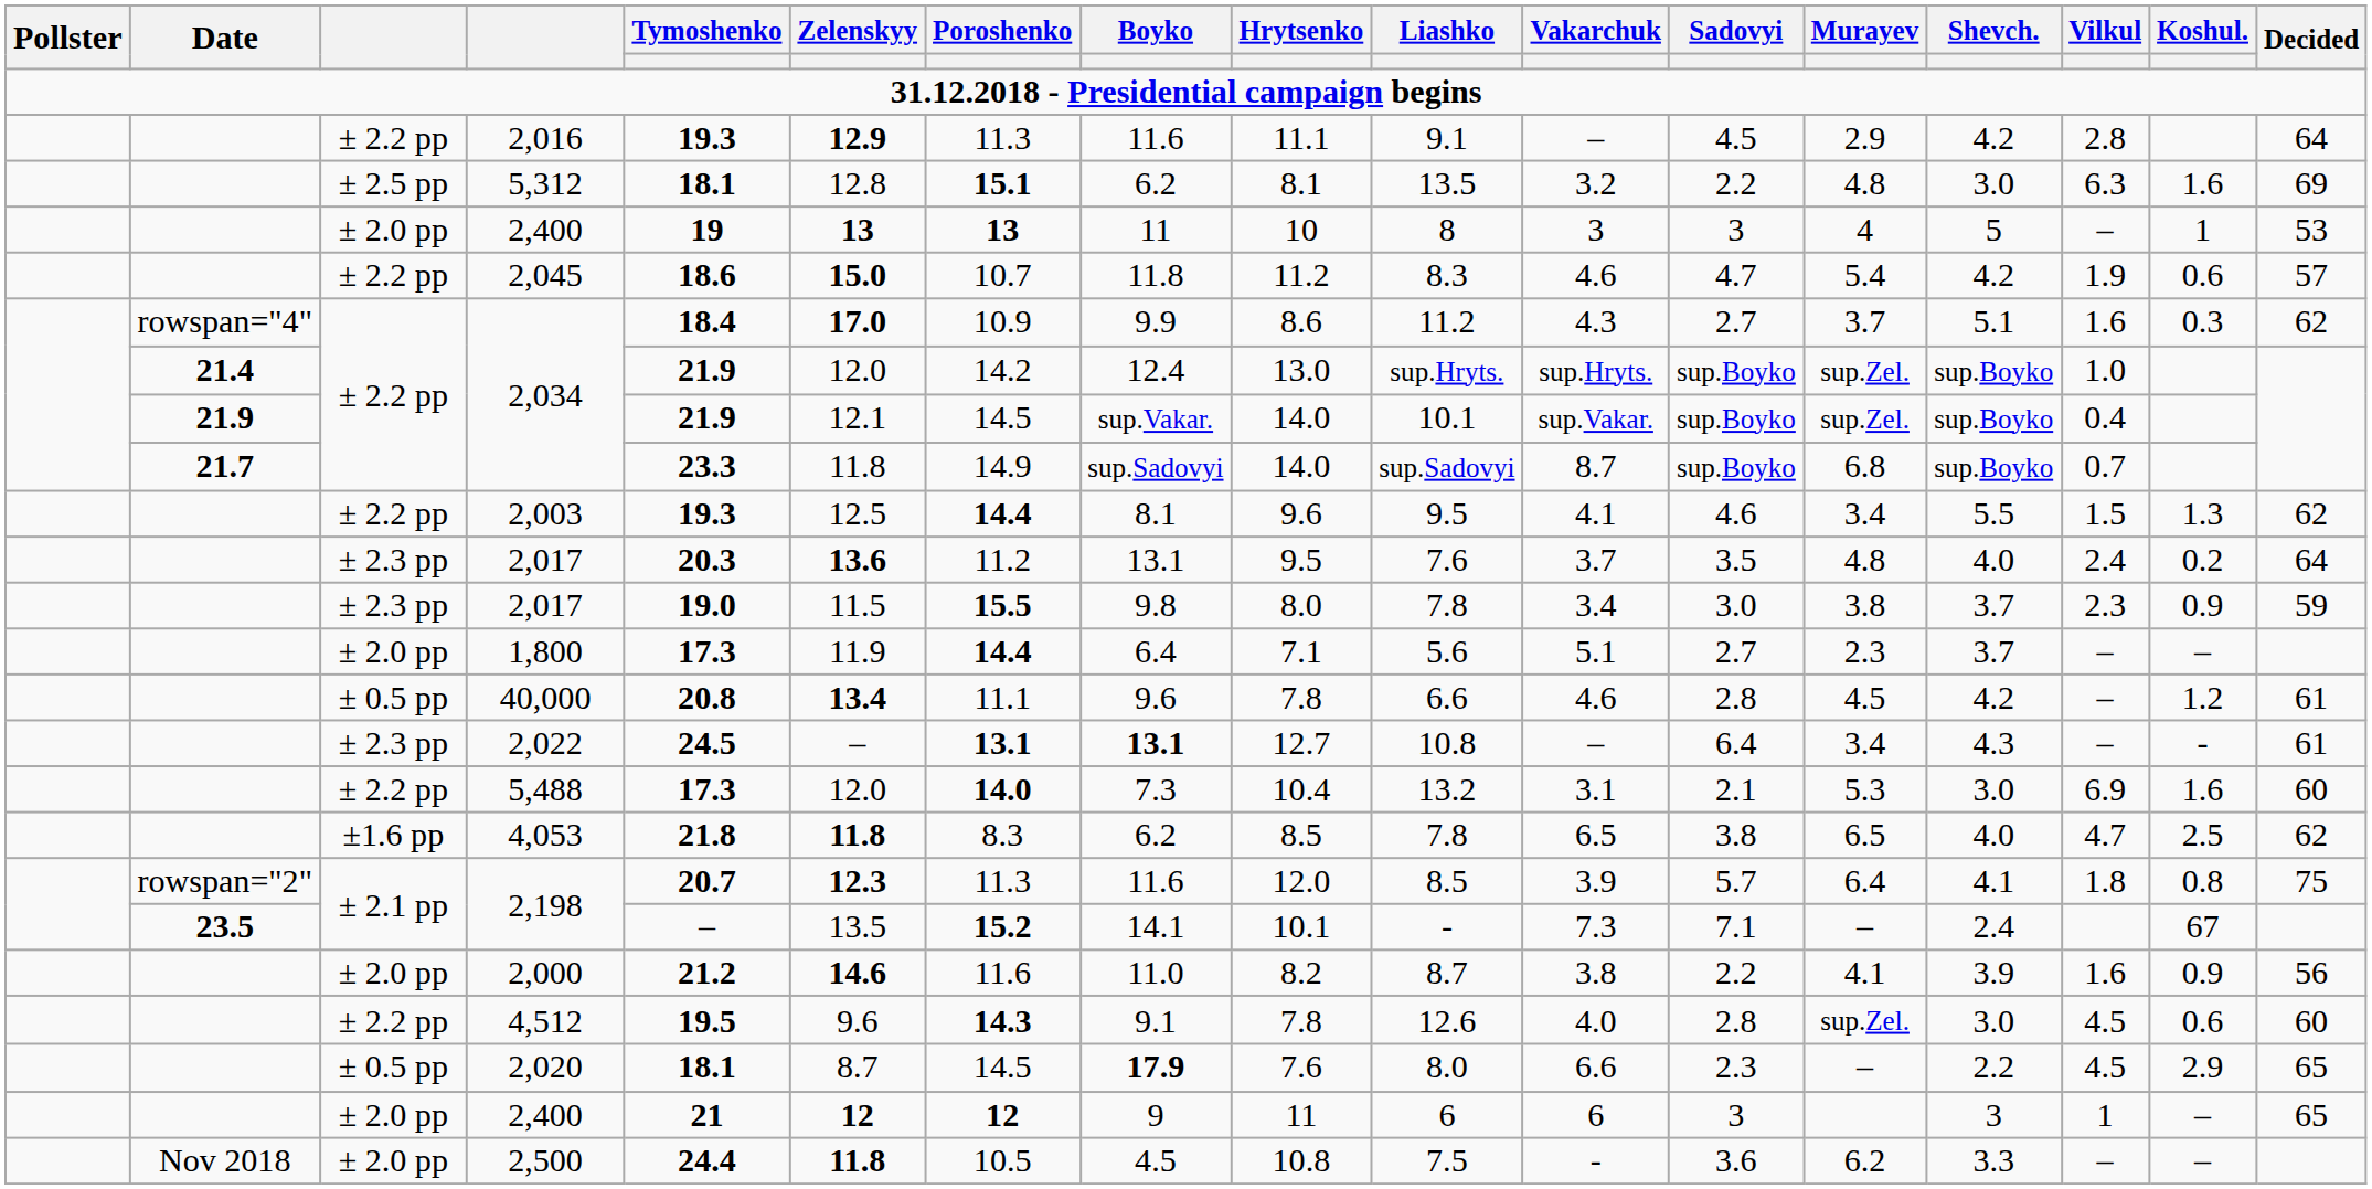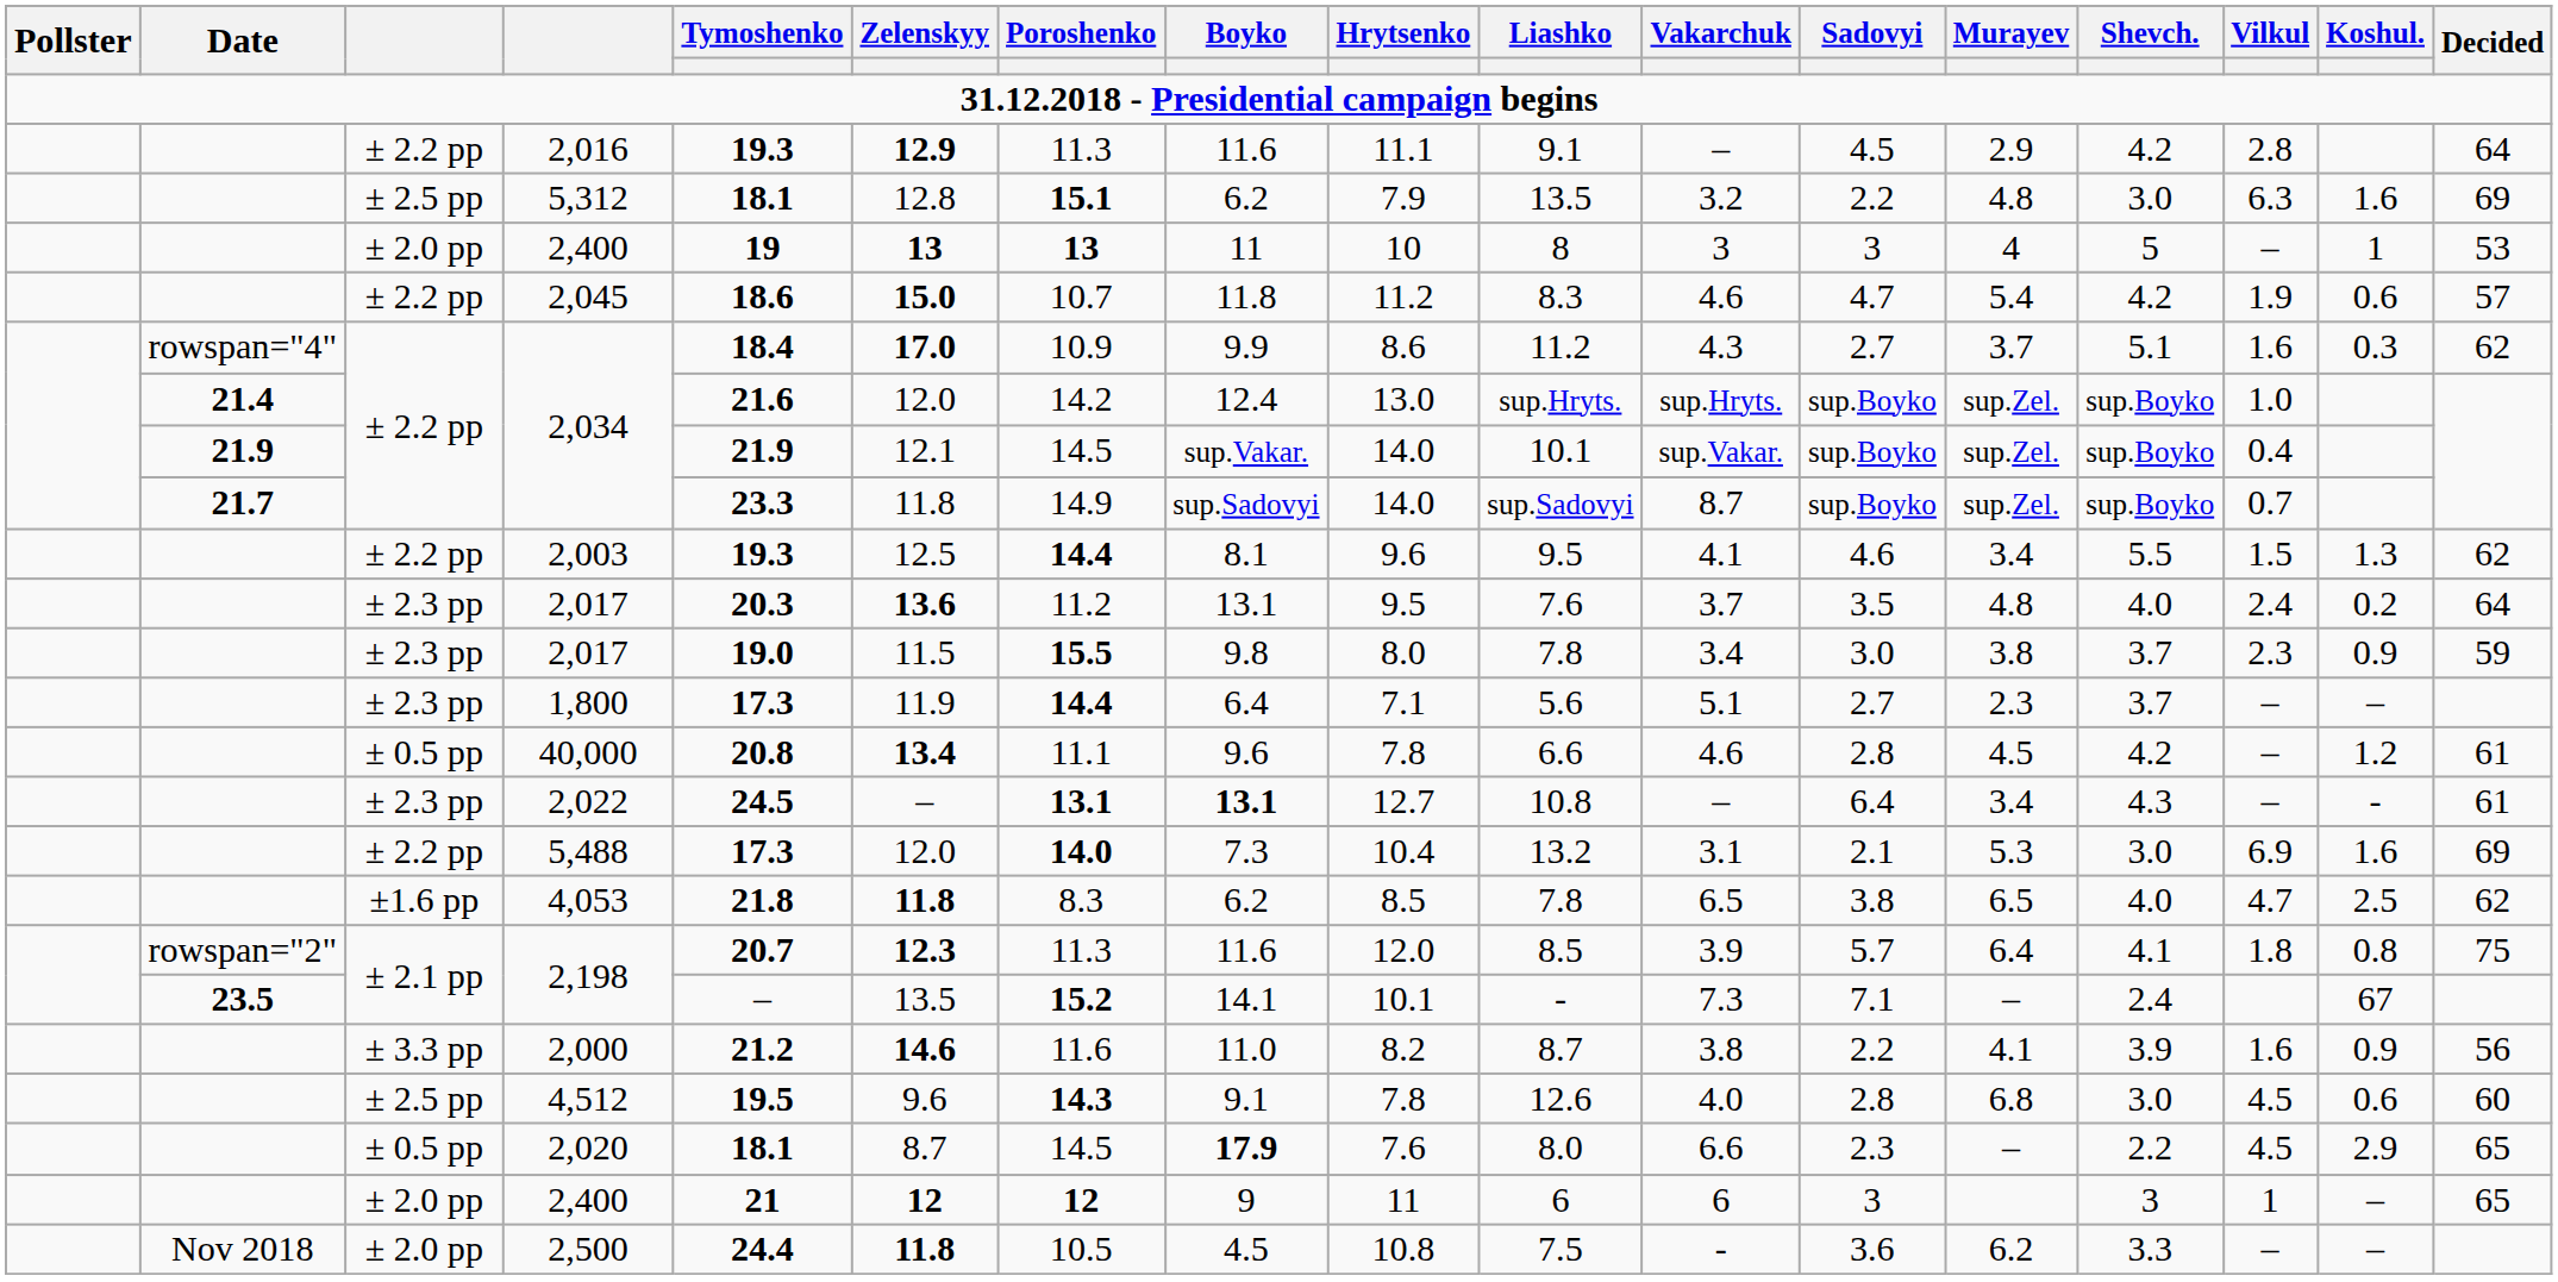 <table class="wikitable" style="text-align:center;font-size:95%;line-height:14px;">
 <tr>
 <th rowspan="2">Pollster</th>
 <th rowspan="2">Date</th>
 <th rowspan="2" style="width:60px;" class="unsortable"></th>
 <th rowspan="2" style="width:65px;" class="unsortable"></th>
 <th><small><a href='#'>Tymoshenko</a></small><br></th>
 <th><small><a href='#'>Zelenskyy</a></small><br></th>
 <th> <small><a href='#'>Poroshenko</a></small><br></th>
 <th> <small><a href='#'>Boyko</a></small><br></th>
 <th><small><a href='#'>Hrytsenko</a></small><br></th>
 <th><small><a href='#'>Liashko</a></small><br></th>
 <th><small><a href='#'>Vakarchuk</a></small><br></th>
 <th><small><a href='#'>Sadovyi</a></small><br></th>
 <th><small><a href='#'>Murayev</a></small><br></th>
 <th><small><a href='#'>Shevch.</a></small><br></th>
 <th><small><a href='#'>Vilkul</a></small><br></th>
 <th><small><a href='#'>Koshul.</a></small><br></th>
 <th rowspan="2"><small>Decided</small></th>
 </tr>
 <tr>
 <th style="background:"></th>
 <th style="background:"></th>
 <th style="background:"></th>
 <th style="background:"></th>
 <th style="background:"></th>
 <th style="background:"></th>
 <th style="background:"></th>
 <th style="background:"></th>
 <th style="background:"></th>
 <th style="background:"></th>
 <th style="background:"></th>
 <th style="background:"></th>
 </tr>
 <tr>
 <td colspan="17"><strong>31.12.2018 - <a href='#'>Presidential campaign</a> begins</strong></td>
 </tr>
 <tr>
 <td></td>
 <td></td>
 <td>± 2.2 pp</td>
 <td>2,016</td>
 <td style="background-color:#"><strong>19.3</strong></td>
 <td style="background-color:#"><strong>12.9</strong></td>
 <td>11.3</td>
 <td>11.6</td>
 <td>11.1</td>
 <td>9.1</td>
 <td>–</td>
 <td>4.5</td>
 <td>2.9</td>
 <td>4.2</td>
 <td>2.8</td>
 <td></td>
 <td>64</td>
 </tr>
 <tr>
 <td> </td>
 <td></td>
 <td>± 2.5 pp</td>
 <td>5,312</td>
 <td style="background-color:#"><strong>18.1</strong></td>
 <td>12.8</td>
 <td style="background-color:#"><strong>15.1</strong></td>
 <td>6.2</td>
-<td>8.1</td>
+<td>7.9</td>
 <td>13.5</td>
 <td>3.2</td>
 <td>2.2</td>
 <td>4.8</td>
 <td>3.0</td>
 <td>6.3</td>
 <td>1.6</td>
 <td>69</td>
 </tr>
 <tr>
 <td></td>
 <td></td>
 <td>± 2.0 pp</td>
 <td>2,400</td>
 <td style="background-color:#"><strong>19</strong></td>
 <td style="background-color:#"><strong>13</strong></td>
 <td style="background-color:#"><strong>13</strong></td>
 <td>11</td>
 <td>10</td>
 <td>8</td>
 <td>3</td>
 <td>3</td>
 <td>4</td>
 <td>5</td>
 <td>–</td>
 <td>1</td>
 <td>53</td>
 </tr>
 <tr>
 <td></td>
 <td></td>
 <td>± 2.2 pp</td>
 <td>2,045</td>
 <td style="background-color:#"><strong>18.6</strong></td>
 <td style="background-color:#"><strong>15.0</strong></td>
 <td>10.7</td>
 <td>11.8</td>
 <td>11.2</td>
 <td>8.3</td>
 <td>4.6</td>
 <td>4.7</td>
 <td>5.4</td>
 <td>4.2</td>
 <td>1.9</td>
 <td>0.6</td>
 <td>57</td>
 </tr>
 <tr>
 <td rowspan="4"></td>
 <td>rowspan="4" </td>
 <td rowspan="4">± 2.2 pp</td>
 <td rowspan="4">2,034</td>
 <td style="background-color:#"><strong>18.4</strong></td>
 <td style="background-color:#"><strong>17.0</strong></td>
 <td>10.9</td>
 <td>9.9</td>
 <td>8.6</td>
 <td>11.2</td>
 <td>4.3</td>
 <td>2.7</td>
 <td>3.7</td>
 <td>5.1</td>
 <td>1.6</td>
 <td>0.3</td>
 <td>62</td>
 </tr>
 <tr>
 <td style="background-color:#"><strong>21.4</strong></td>
-<td style="background-color:#"><strong>21.9</strong></td>
+<td style="background-color:#"><strong>21.6</strong></td>
 <td>12.0</td>
 <td>14.2</td>
 <td>12.4</td>
 <td>13.0</td>
 <td><small>sup.<a href='#'>Hryts.</a></small></td>
 <td><small>sup.<a href='#'>Hryts.</a></small></td>
 <td><small>sup.<a href='#'>Boyko</a></small></td>
 <td><small>sup.<a href='#'>Zel.</a></small></td>
 <td><small>sup.<a href='#'>Boyko</a></small></td>
 <td>1.0</td>
 <td></td>
 </tr>
 <tr>
 <td style="background-color:#"><strong>21.9</strong></td>
 <td style="background-color:#"><strong>21.9</strong></td>
 <td>12.1</td>
 <td>14.5</td>
 <td><small>sup.<a href='#'>Vakar.</a></small></td>
 <td>14.0</td>
 <td>10.1</td>
 <td><small>sup.<a href='#'>Vakar.</a></small></td>
 <td><small>sup.<a href='#'>Boyko</a></small></td>
 <td><small>sup.<a href='#'>Zel.</a></small></td>
 <td><small>sup.<a href='#'>Boyko</a></small></td>
 <td>0.4</td>
 <td></td>
 </tr>
 <tr>
 <td style="background-color:#"><strong>21.7</strong></td>
 <td style="background-color:#"><strong>23.3</strong></td>
 <td>11.8</td>
 <td>14.9</td>
 <td><small>sup.<a href='#'>Sadovyi</a></small></td>
 <td>14.0</td>
 <td><small>sup.<a href='#'>Sadovyi</a></small></td>
 <td>8.7</td>
 <td><small>sup.<a href='#'>Boyko</a></small></td>
-<td>6.8</td>
+<td><small>sup.<a href='#'>Zel.</a></small></td>
 <td><small>sup.<a href='#'>Boyko</a></small></td>
 <td>0.7</td>
 <td></td>
 </tr>
 <tr>
 <td></td>
 <td></td>
 <td>± 2.2 pp</td>
 <td>2,003</td>
 <td style="background-color:#"><strong>19.3</strong></td>
 <td>12.5</td>
 <td style="background-color:#"><strong>14.4</strong></td>
 <td>8.1</td>
 <td>9.6</td>
 <td>9.5</td>
 <td>4.1</td>
 <td>4.6</td>
 <td>3.4</td>
 <td>5.5</td>
 <td>1.5</td>
 <td>1.3</td>
 <td>62</td>
 </tr>
 <tr>
 <td> </td>
 <td></td>
 <td>± 2.3 pp</td>
 <td>2,017</td>
 <td style="background-color:#"><strong>20.3</strong></td>
 <td style="background-color:#"><strong>13.6</strong></td>
 <td>11.2</td>
 <td>13.1</td>
 <td>9.5</td>
 <td>7.6</td>
 <td>3.7</td>
 <td>3.5</td>
 <td>4.8</td>
 <td>4.0</td>
 <td>2.4</td>
 <td>0.2</td>
 <td>64</td>
 </tr>
 <tr>
 <td></td>
 <td></td>
 <td>± 2.3 pp</td>
 <td>2,017</td>
 <td style="background-color:#"><strong>19.0</strong></td>
 <td>11.5</td>
 <td style="background-color:#"><strong>15.5</strong></td>
 <td>9.8</td>
 <td>8.0</td>
 <td>7.8</td>
 <td>3.4</td>
 <td>3.0</td>
 <td>3.8</td>
 <td>3.7</td>
 <td>2.3</td>
 <td>0.9</td>
 <td>59</td>
 </tr>
 <tr>
 <td></td>
 <td></td>
-<td>± 2.0 pp</td>
+<td>± 2.3 pp</td>
 <td>1,800</td>
 <td style="background-color:#"><strong>17.3</strong></td>
 <td>11.9</td>
 <td style="background-color:#"><strong>14.4</strong></td>
 <td>6.4</td>
 <td>7.1</td>
 <td>5.6</td>
 <td>5.1</td>
 <td>2.7</td>
 <td>2.3</td>
 <td>3.7</td>
 <td>–</td>
 <td>–</td>
 <td></td>
 </tr>
 <tr>
 <td></td>
 <td></td>
 <td>± 0.5 pp</td>
 <td>40,000</td>
 <td style="background-color:#"><strong>20.8</strong></td>
 <td style="background-color:#"><strong>13.4</strong></td>
 <td>11.1</td>
 <td>9.6</td>
 <td>7.8</td>
 <td>6.6</td>
 <td>4.6</td>
 <td>2.8</td>
 <td>4.5</td>
 <td>4.2</td>
 <td>–</td>
 <td>1.2</td>
 <td>61</td>
 </tr>
 <tr>
 <td></td>
 <td></td>
 <td>± 2.3 pp</td>
 <td>2,022</td>
 <td style="background-color:#"><strong>24.5</strong></td>
 <td>–</td>
 <td style="background-color:#"><strong>13.1</strong></td>
 <td style="background-color:#"><strong>13.1</strong></td>
 <td>12.7</td>
 <td>10.8</td>
 <td>–</td>
 <td>6.4</td>
 <td>3.4</td>
 <td>4.3</td>
 <td>–</td>
 <td>-</td>
 <td>61</td>
 </tr>
 <tr>
 <td> </td>
 <td></td>
 <td>± 2.2 pp</td>
 <td>5,488</td>
 <td style="background-color:#"><strong>17.3</strong></td>
 <td>12.0</td>
 <td style="background-color:#"><strong>14.0</strong></td>
 <td>7.3</td>
 <td>10.4</td>
 <td>13.2</td>
 <td>3.1</td>
 <td>2.1</td>
 <td>5.3</td>
 <td>3.0</td>
 <td>6.9</td>
 <td>1.6</td>
-<td>60</td>
+<td>69</td>
 </tr>
 <tr>
 <td></td>
 <td></td>
 <td>±1.6 pp</td>
 <td>4,053</td>
 <td style="background-color:#"><strong>21.8</strong></td>
 <td style="background-color:#"><strong>11.8</strong></td>
 <td>8.3</td>
 <td>6.2</td>
 <td>8.5</td>
 <td>7.8</td>
 <td>6.5</td>
 <td>3.8</td>
 <td>6.5</td>
 <td>4.0</td>
 <td>4.7</td>
 <td>2.5</td>
 <td>62</td>
 </tr>
 <tr>
 <td rowspan="2"></td>
 <td>rowspan="2" </td>
 <td rowspan="2">± 2.1 pp</td>
 <td rowspan="2">2,198</td>
 <td style="background-color:#"><strong>20.7</strong></td>
 <td style="background-color:#"><strong>12.3</strong></td>
 <td>11.3</td>
 <td>11.6</td>
 <td>12.0</td>
 <td>8.5</td>
 <td>3.9</td>
 <td>5.7</td>
 <td>6.4</td>
 <td>4.1</td>
 <td>1.8</td>
 <td>0.8</td>
 <td>75</td>
 </tr>
 <tr>
 <td style="background-color:#"><strong>23.5</strong></td>
 <td>–</td>
 <td>13.5</td>
 <td style="background-color:#"><strong>15.2</strong></td>
 <td>14.1</td>
 <td>10.1</td>
 <td>-</td>
 <td>7.3</td>
 <td>7.1</td>
 <td>–</td>
 <td>2.4</td>
 <td></td>
 <td>67</td>
 </tr>
 <tr>
 <td></td>
 <td></td>
-<td>± 2.0 pp</td>
+<td>± 3.3 pp</td>
 <td>2,000</td>
 <td style="background-color:#"><strong>21.2</strong></td>
 <td style="background-color:#"><strong>14.6</strong></td>
 <td>11.6</td>
 <td>11.0</td>
 <td>8.2</td>
 <td>8.7</td>
 <td>3.8</td>
 <td>2.2</td>
 <td>4.1</td>
 <td>3.9</td>
 <td>1.6</td>
 <td>0.9</td>
 <td>56</td>
 </tr>
 <tr>
 <td> </td>
 <td></td>
-<td>± 2.2 pp</td>
+<td>± 2.5 pp</td>
 <td>4,512</td>
 <td style="background-color:#"><strong>19.5</strong></td>
 <td>9.6</td>
 <td style="background-color:#"><strong>14.3</strong></td>
 <td>9.1</td>
 <td>7.8</td>
 <td>12.6</td>
 <td>4.0</td>
 <td>2.8</td>
-<td><small>sup.<a href='#'>Zel.</a></small></td>
+<td>6.8</td>
 <td>3.0</td>
 <td>4.5</td>
 <td>0.6</td>
 <td>60</td>
 </tr>
 <tr>
 <td></td>
 <td></td>
 <td>± 0.5 pp</td>
 <td>2,020</td>
 <td style="background-color:#"><strong>18.1</strong></td>
 <td>8.7</td>
 <td>14.5</td>
 <td style="background-color:#"><strong>17.9</strong></td>
 <td>7.6</td>
 <td>8.0</td>
 <td>6.6</td>
 <td>2.3</td>
 <td>–</td>
 <td>2.2</td>
 <td>4.5</td>
 <td>2.9</td>
 <td>65</td>
 </tr>
 <tr>
 <td></td>
 <td></td>
 <td>± 2.0 pp</td>
 <td>2,400</td>
 <td style="background-color:#"><strong>21</strong></td>
 <td style="background-color:#"><strong>12</strong></td>
 <td style="background-color:#"><strong>12</strong></td>
 <td>9</td>
 <td>11</td>
 <td>6</td>
 <td>6</td>
 <td>3</td>
 <td></td>
 <td>3</td>
 <td>1</td>
 <td>–</td>
 <td>65</td>
 </tr>
 <tr>
 <td></td>
 <td data-sort-value="2018-11-15">Nov 2018</td>
 <td>± 2.0 pp</td>
 <td>2,500</td>
 <td style="background-color:#"><strong>24.4</strong></td>
 <td style="background-color:#"><strong>11.8</strong></td>
 <td>10.5</td>
 <td>4.5</td>
 <td>10.8</td>
 <td>7.5</td>
 <td>-</td>
 <td>3.6</td>
 <td>6.2</td>
 <td>3.3</td>
 <td>–</td>
 <td>–</td>
 <td></td>
 </tr>
 </table>
